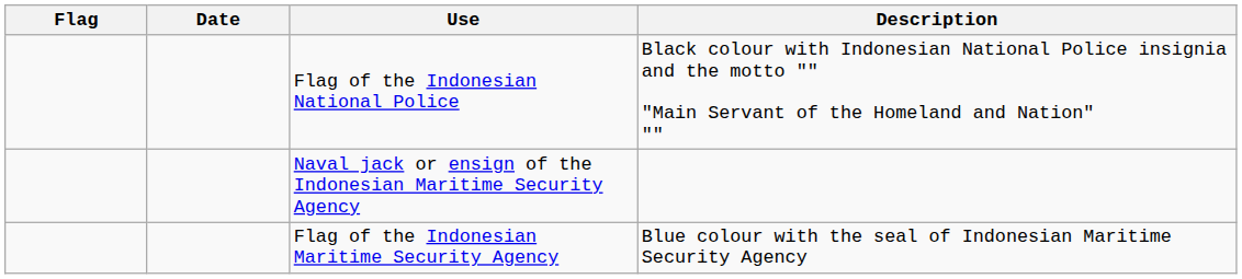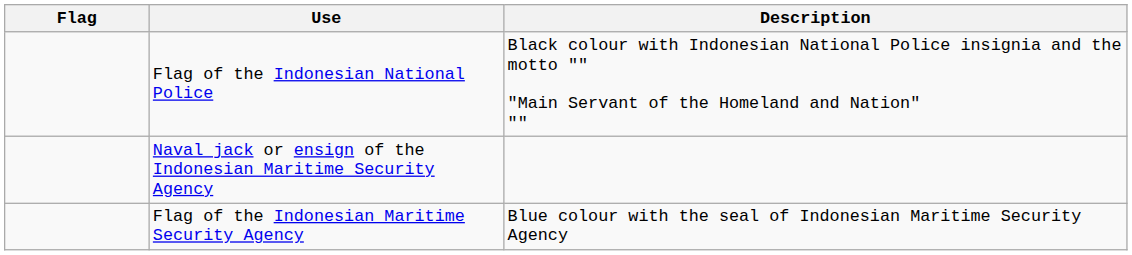 <table class="wikitable">
 <tr>
 <th style="width:110px;">Flag</th>
-<th style="width:110px;">Date</th>
 <th style="width:280px;">Use</th>
 <th style="width:500px;">Description</th>
 </tr>
 <tr>
 <td><br></td>
-<td></td>
 <td>Flag of the <a href='#'>Indonesian National Police</a></td>
 <td>Black colour with Indonesian National Police insignia and the motto ""<br><br>"Main Servant of the Homeland and Nation"<br> ""</td>
 </tr>
 <tr>
-<td></td>
 <td></td>
 <td><a href='#'>Naval jack</a> or <a href='#'>ensign</a> of the <a href='#'>Indonesian Maritime Security Agency</a></td>
 <td></td>
 </tr>
 <tr>
 <td></td>
-<td></td>
 <td>Flag of the <a href='#'>Indonesian Maritime Security Agency</a></td>
 <td>Blue colour with the seal of Indonesian Maritime Security Agency</td>
 </tr>
 </table>
